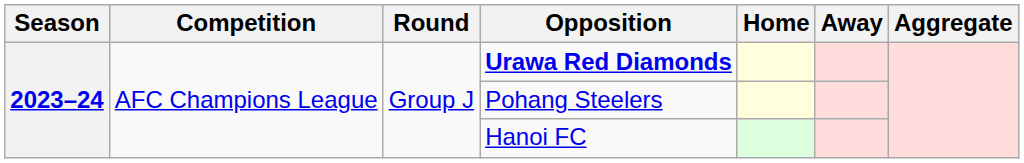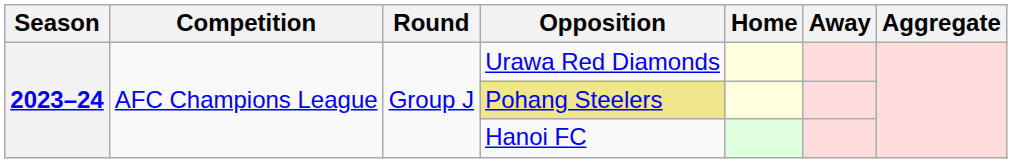 <table class="wikitable plainrowheaders">
 <tr>
 <th scope="col">Season</th>
 <th scope="col">Competition</th>
 <th scope="col">Round</th>
 <th scope="col">Opposition</th>
 <th scope="col">Home</th>
 <th scope="col">Away</th>
 <th scope="col">Aggregate</th>
 </tr>
 <tr>
 <th rowspan="3" scope="row" style="text-align:center"><a href='#'>2023–24</a></th>
 <td rowspan="3"><a href='#'>AFC Champions League</a></td>
 <td rowspan="3"><a href='#'>Group J</a></td>
-<td><strong> <a href='#'>Urawa Red Diamonds</a></strong></td>
+<td> <a href='#'>Urawa Red Diamonds</a></td>
 <td style="background:#ffd;"></td>
 <td style="background:#fdd;"></td>
 <td rowspan="3" style="background:#fdd;"><strong></strong></td>
 </tr>
 <tr>
-<td> <a href='#'>Pohang Steelers</a></td>
+<td style="background: khaki;"> <a href='#'>Pohang Steelers</a></td>
 <td style="background:#ffd;"></td>
 <td style="background:#fdd;"></td>
 </tr>
 <tr>
 <td> <a href='#'>Hanoi FC</a></td>
 <td style="background:#dfd;"></td>
 <td style="background:#fdd;"></td>
 </tr>
 </table>
